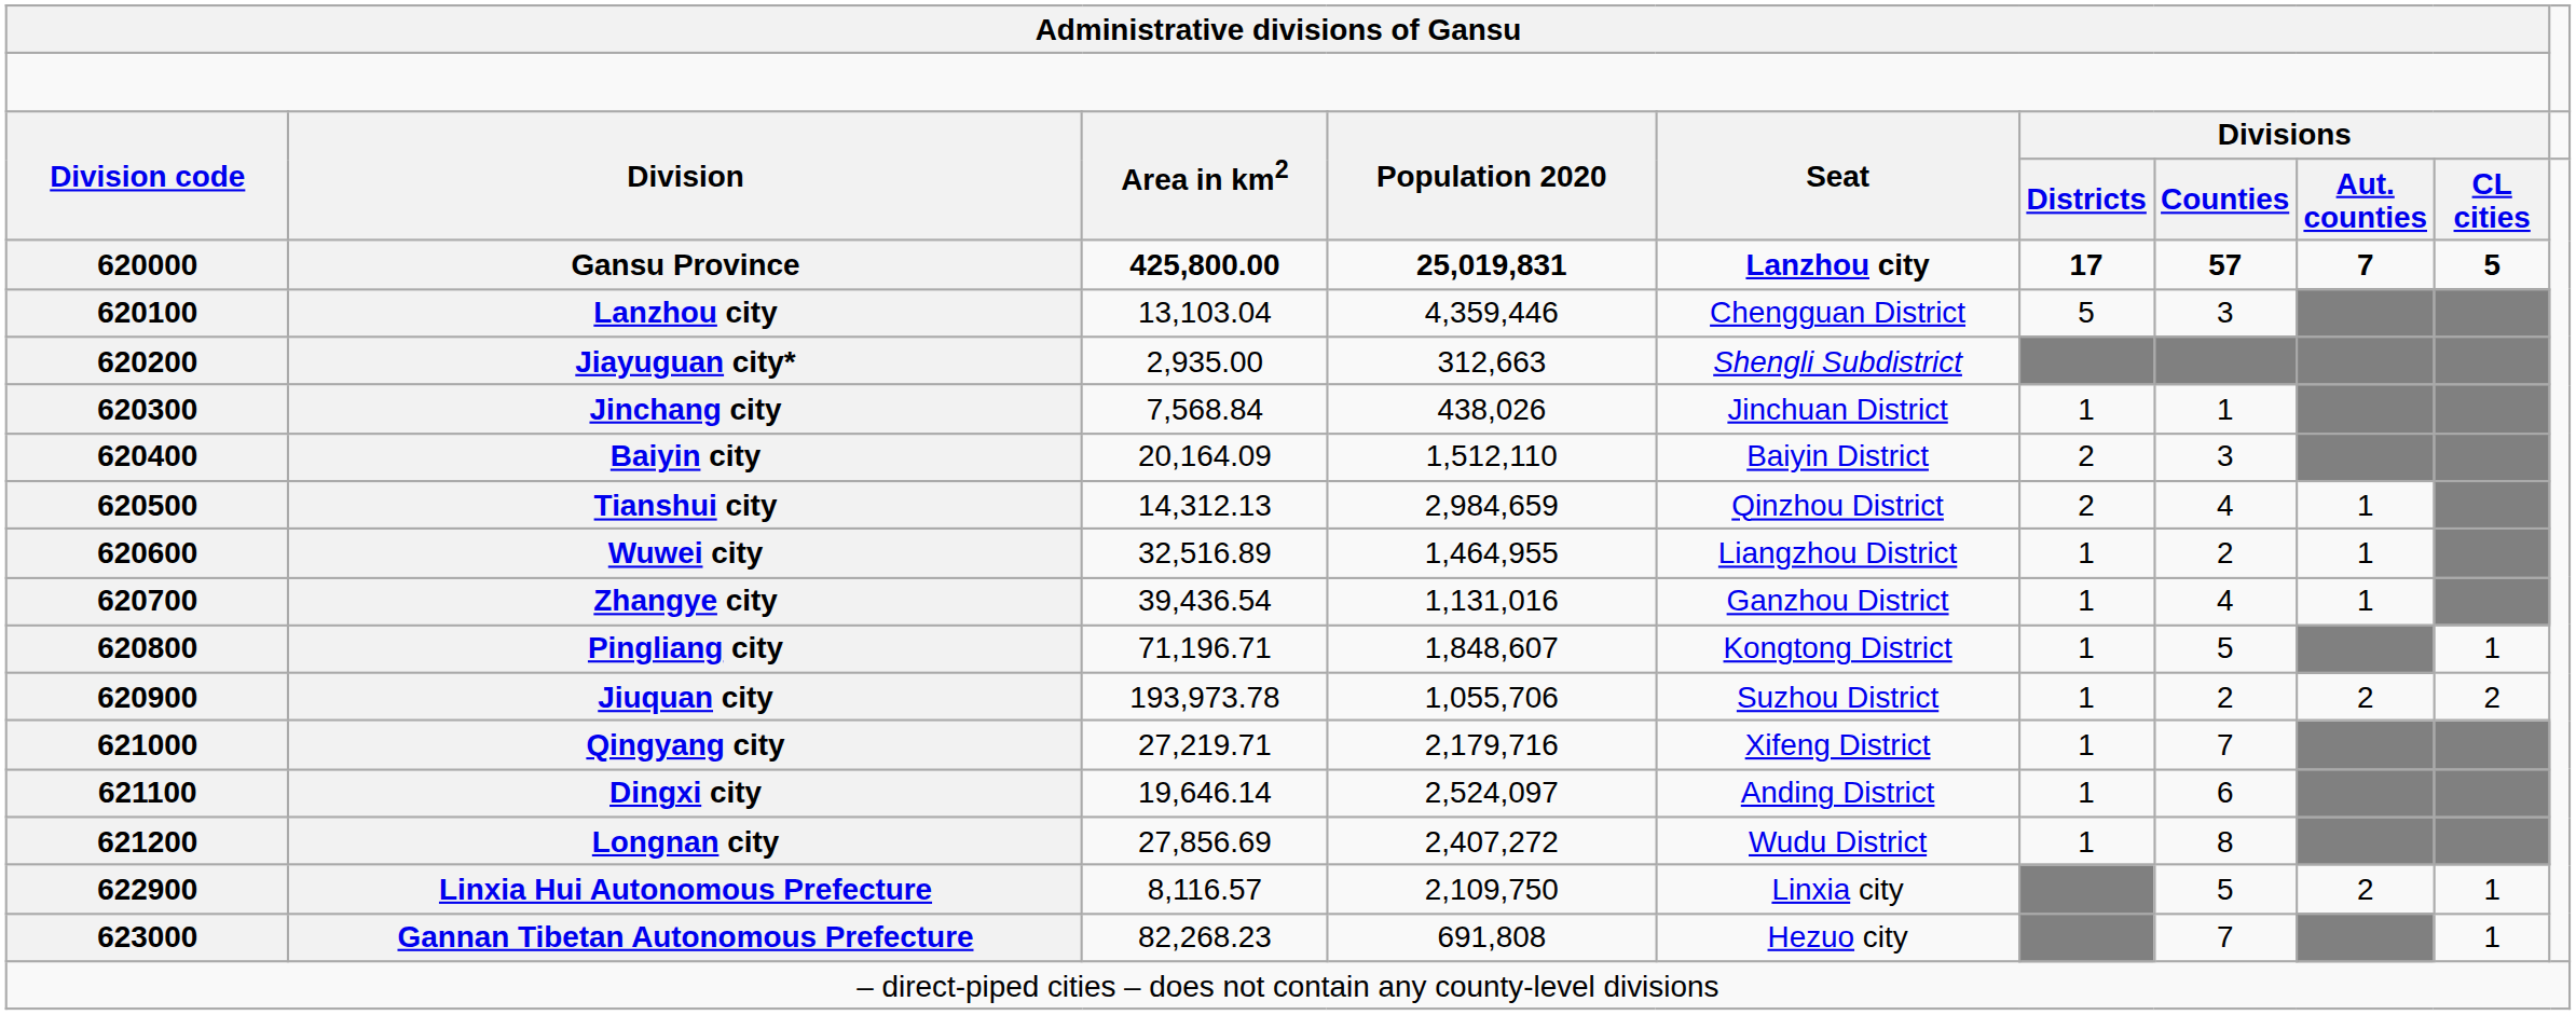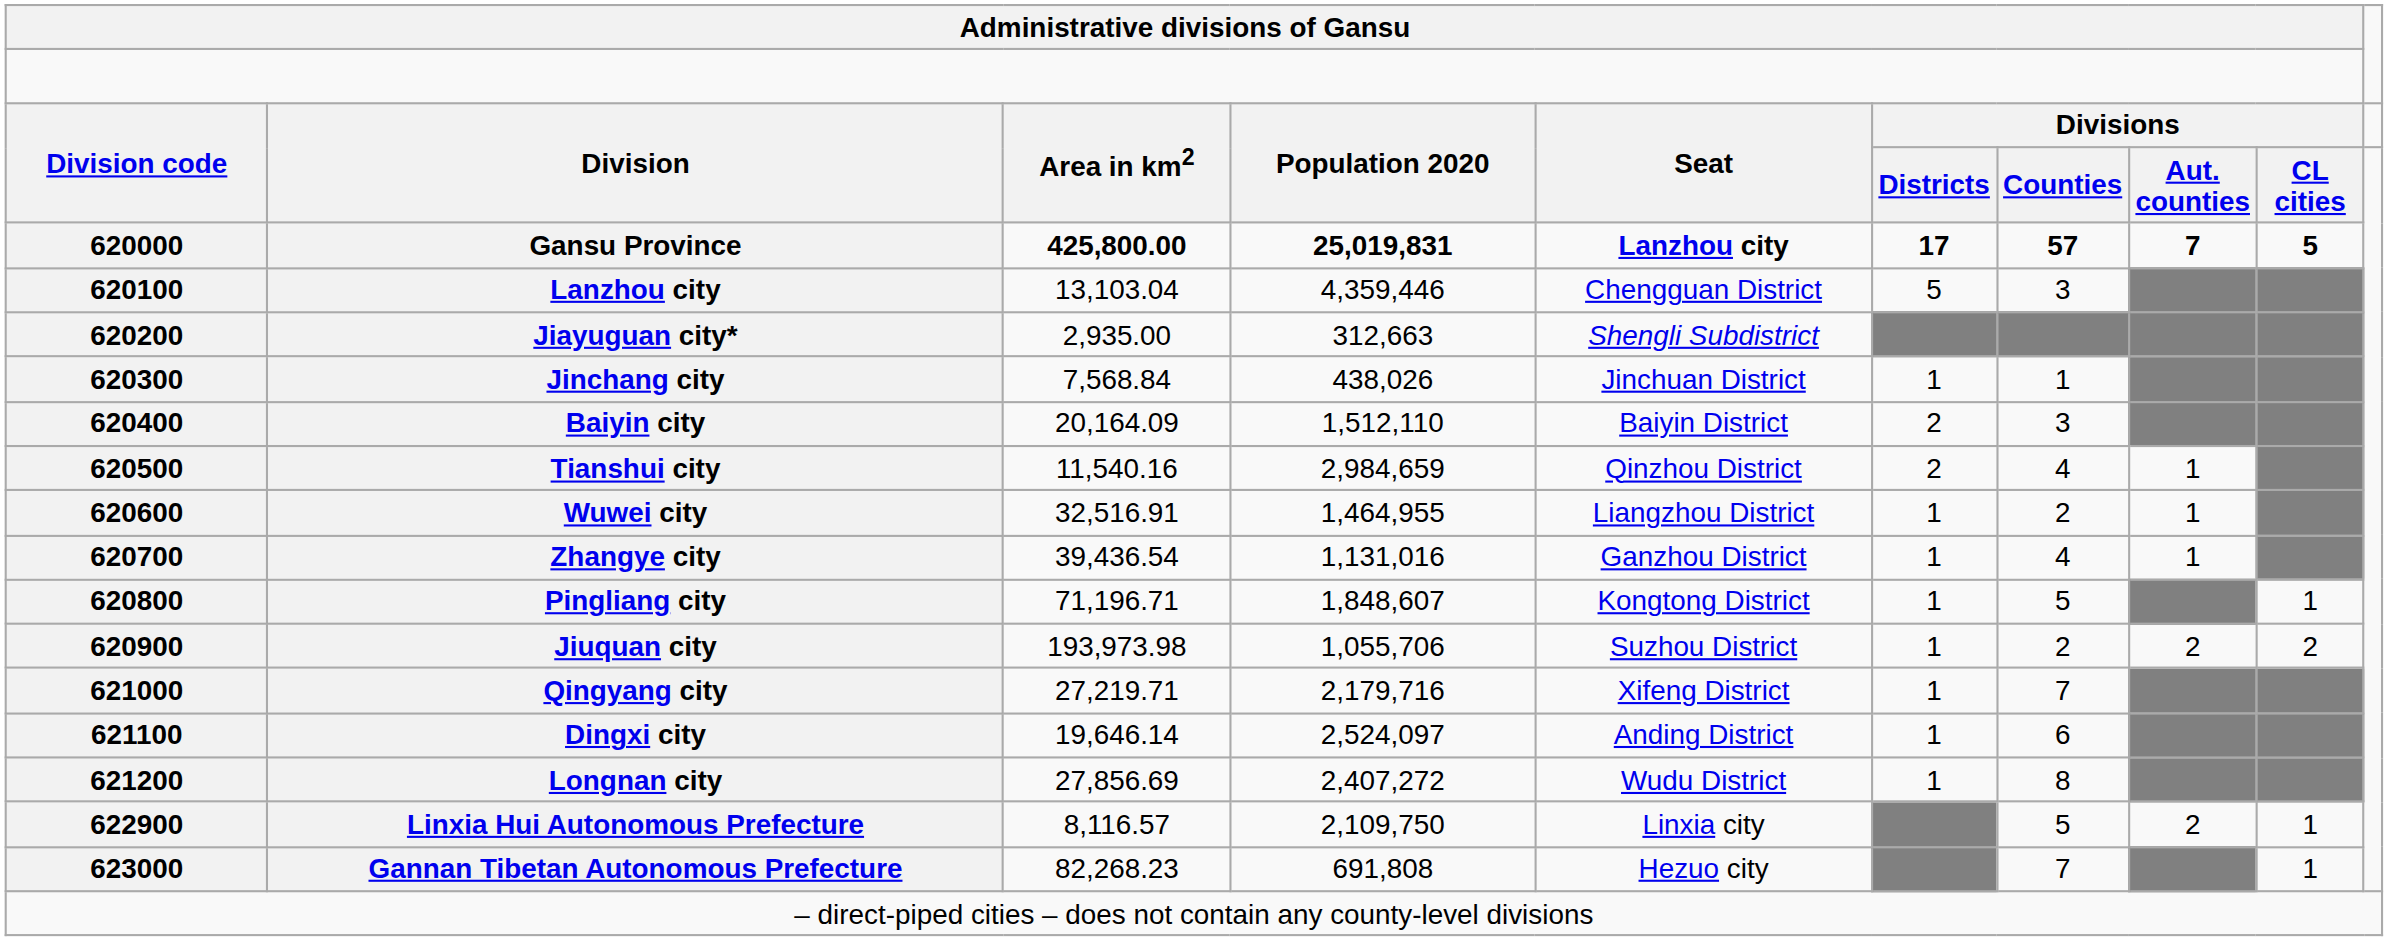 <table class="wikitable" style="margin:1em auto 1em auto; width:90%; font-size:smaller; text-align:center">
 <tr>
 <th colspan="9"><strong>Administrative divisions of Gansu</strong></th>
 </tr>
 <tr>
 <td colspan="9" style="font-size:larger"><div><br>                      </div></td>
 </tr>
 <tr>
 <th ! scope="col" rowspan="2"><a href='#'>Division code</a></th>
 <th ! scope="col" rowspan="2">Division</th>
 <th ! scope="col" rowspan="2">Area in km<sup>2</sup></th>
 <th ! scope="col" rowspan="2">Population 2020</th>
 <th ! scope="col" rowspan="2">Seat</th>
 <th ! scope="col" colspan="4">Divisions</th>
 <td></td>
 </tr>
 <tr>
 <th ! scope="col" style="width:45px;"><a href='#'>Districts</a></th>
 <th ! scope="col" style="width:45px;"><a href='#'>Counties</a></th>
 <th ! scope="col" style="width:45px;"><a href='#'>Aut. counties</a></th>
 <th ! scope="col" style="width:45px;"><a href='#'>CL cities</a></th>
 </tr>
 <tr style="font-weight: bold">
 <th>620000</th>
 <th>Gansu Province</th>
 <td>425,800.00</td>
 <td>25,019,831</td>
 <td><a href='#'>Lanzhou</a> city</td>
 <td>17</td>
 <td>57</td>
 <td>7</td>
 <td>5</td>
 </tr>
 <tr>
 <th>620100</th>
 <th><a href='#'>Lanzhou</a> city</th>
 <td>13,103.04</td>
 <td>4,359,446</td>
 <td><a href='#'>Chengguan District</a></td>
 <td>5</td>
 <td>3</td>
 <td style="background:gray;"></td>
 <td style="background:gray;"></td>
 </tr>
 <tr>
 <th>620200</th>
 <th><a href='#'>Jiayuguan</a> city*</th>
 <td>2,935.00</td>
 <td>312,663</td>
 <td><a href='#'><em>Shengli Subdistrict</em></a></td>
 <td style="background:gray;"></td>
 <td style="background:gray;"></td>
 <td style="background:gray;"></td>
 <td style="background:gray;"></td>
 </tr>
 <tr>
 <th>620300</th>
 <th><a href='#'>Jinchang</a> city</th>
 <td>7,568.84</td>
 <td>438,026</td>
 <td><a href='#'>Jinchuan District</a></td>
 <td>1</td>
 <td>1</td>
 <td style="background:gray;"></td>
 <td style="background:gray;"></td>
 </tr>
 <tr>
 <th>620400</th>
 <th><a href='#'>Baiyin</a> city</th>
 <td>20,164.09</td>
 <td>1,512,110</td>
 <td><a href='#'>Baiyin District</a></td>
 <td>2</td>
 <td>3</td>
 <td style="background:gray;"></td>
 <td style="background:gray;"></td>
 </tr>
 <tr>
 <th>620500</th>
 <th><a href='#'>Tianshui</a> city</th>
-<td>14,312.13</td>
+<td>11,540.16</td>
 <td>2,984,659</td>
 <td><a href='#'>Qinzhou District</a></td>
 <td>2</td>
 <td>4</td>
 <td>1</td>
 <td style="background:gray;"></td>
 </tr>
 <tr>
 <th>620600</th>
 <th><a href='#'>Wuwei</a> city</th>
-<td>32,516.89</td>
+<td>32,516.91</td>
 <td>1,464,955</td>
 <td><a href='#'>Liangzhou District</a></td>
 <td>1</td>
 <td>2</td>
 <td>1</td>
 <td style="background:gray;"></td>
 </tr>
 <tr>
 <th>620700</th>
 <th><a href='#'>Zhangye</a> city</th>
 <td>39,436.54</td>
 <td>1,131,016</td>
 <td><a href='#'>Ganzhou District</a></td>
 <td>1</td>
 <td>4</td>
 <td>1</td>
 <td style="background:gray;"></td>
 </tr>
 <tr>
 <th>620800</th>
 <th><a href='#'>Pingliang</a> city</th>
 <td>71,196.71</td>
 <td>1,848,607</td>
 <td><a href='#'>Kongtong District</a></td>
 <td>1</td>
 <td>5</td>
 <td style="background:gray;"></td>
 <td>1</td>
 </tr>
 <tr>
 <th>620900</th>
 <th><a href='#'>Jiuquan</a> city</th>
-<td>193,973.78</td>
+<td>193,973.98</td>
 <td>1,055,706</td>
 <td><a href='#'>Suzhou District</a></td>
 <td>1</td>
 <td>2</td>
 <td>2</td>
 <td>2</td>
 </tr>
 <tr>
 <th>621000</th>
 <th><a href='#'>Qingyang</a> city</th>
 <td>27,219.71</td>
 <td>2,179,716</td>
 <td><a href='#'>Xifeng District</a></td>
 <td>1</td>
 <td>7</td>
 <td style="background:gray;"></td>
 <td style="background:gray;"></td>
 </tr>
 <tr>
 <th>621100</th>
 <th><a href='#'>Dingxi</a> city</th>
 <td>19,646.14</td>
 <td>2,524,097</td>
 <td><a href='#'>Anding District</a></td>
 <td>1</td>
 <td>6</td>
 <td style="background:gray;"></td>
 <td style="background:gray;"></td>
 </tr>
 <tr>
 <th>621200</th>
 <th><a href='#'>Longnan</a> city</th>
 <td>27,856.69</td>
 <td>2,407,272</td>
 <td><a href='#'>Wudu District</a></td>
 <td>1</td>
 <td>8</td>
 <td style="background:gray;"></td>
 <td style="background:gray;"></td>
 </tr>
 <tr>
 <th>622900</th>
 <th><a href='#'>Linxia Hui Autonomous Prefecture</a></th>
 <td>8,116.57</td>
 <td>2,109,750</td>
 <td><a href='#'>Linxia</a> city</td>
 <td style="background:gray;"></td>
 <td>5</td>
 <td>2</td>
 <td>1</td>
 </tr>
 <tr>
 <th>623000</th>
 <th><a href='#'>Gannan Tibetan Autonomous Prefecture</a></th>
 <td>82,268.23</td>
 <td>691,808</td>
 <td><a href='#'>Hezuo</a> city</td>
 <td style="background:gray;"></td>
 <td>7</td>
 <td style="background:gray;"></td>
 <td>1</td>
 </tr>
 <tr>
 <td colspan = "12"> – direct-piped cities – does not contain any county-level divisions</td>
 </tr>
 </table>
